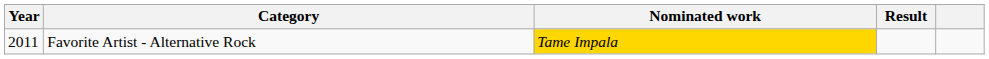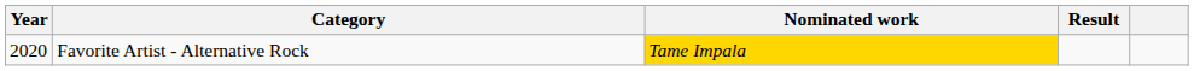 <table class="wikitable plainrowheaders" style="width:80%;">
 <tr>
 <th scope="col" style="width:4%;">Year</th>
 <th scope="col" style="width:50%;">Category</th>
 <th scope="col" style="width:35%;">Nominated work</th>
 <th scope="col" style="width:6%;">Result</th>
 <th scope="col" style="width:6%;"></th>
 </tr>
 <tr>
-<td>2011</td>
+<td>2020</td>
 <td rowspan="1">Favorite Artist - Alternative Rock</td>
 <td style="background: gold;"><em>Tame Impala</em></td>
 <td></td>
 <td></td>
 </tr>
 </table>
